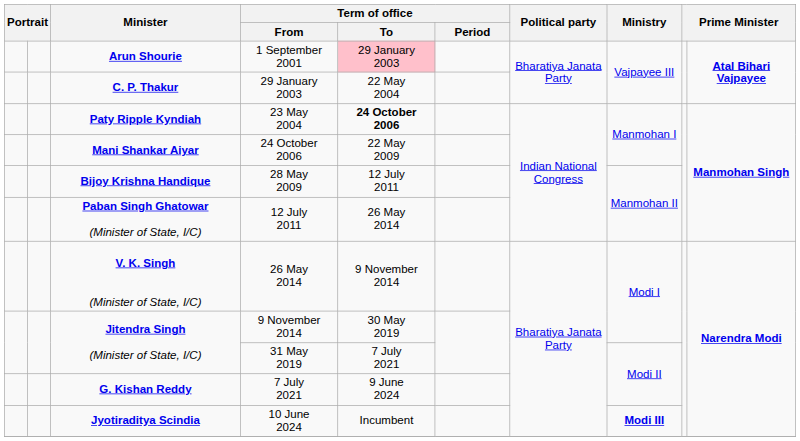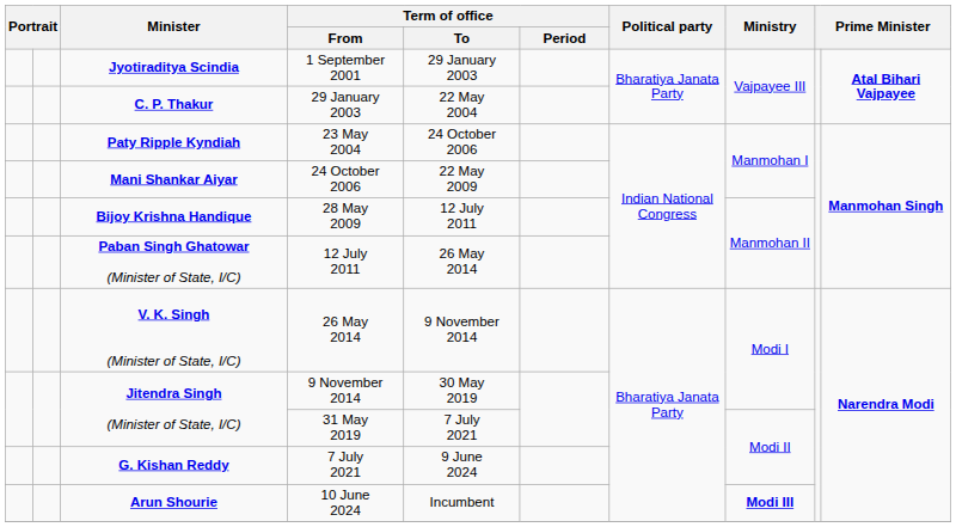 <table class="wikitable" style="text-align:center">
 <tr>
 <th rowspan="2" colspan="2">Portrait</th>
 <th rowspan="2" style="width:16em">Minister<br></th>
 <th colspan="3">Term of office</th>
 <th rowspan="2" style="width:8em">Political party</th>
 <th rowspan="2" style="width:6em">Ministry</th>
 <th rowspan="2" colspan="2">Prime Minister</th>
 </tr>
 <tr>
 <th style="width:8em">From</th>
 <th style="width:8em">To</th>
 <th style="width:6em">Period</th>
 </tr>
 <tr>
 <td></td>
 <td></td>
-<td><strong><a href='#'>Arun Shourie</a></strong><br></td>
+<td><strong><a href='#'>Jyotiraditya Scindia</a></strong><br></td>
 <td>1 September<br>2001</td>
-<td style="background: pink;">29 January<br>2003</td>
+<td>29 January<br>2003</td>
 <td><strong></strong></td>
 <td rowspan="2"><a href='#'>Bharatiya Janata Party</a></td>
 <td rowspan="2"><a href='#'>Vajpayee III</a></td>
 <td rowspan="2"></td>
 <td rowspan="2"><strong><a href='#'>Atal Bihari Vajpayee</a></strong></td>
 </tr>
 <tr>
 <td></td>
 <td></td>
 <td><strong><a href='#'>C. P. Thakur</a></strong><br></td>
 <td>29 January<br>2003</td>
 <td>22 May<br>2004</td>
 <td><strong></strong></td>
 </tr>
 <tr>
 <td></td>
 <td></td>
 <td><strong><a href='#'>Paty Ripple Kyndiah</a></strong><br></td>
 <td>23 May<br>2004</td>
-<td><strong>24 October<br>2006</strong></td>
+<td>24 October<br>2006</td>
 <td><strong></strong></td>
 <td rowspan="4"><a href='#'>Indian National Congress</a></td>
 <td rowspan="2"><a href='#'>Manmohan I</a></td>
 <td rowspan="4"></td>
 <td rowspan="4"><strong><a href='#'>Manmohan Singh</a></strong></td>
 </tr>
 <tr>
 <td></td>
 <td></td>
 <td><strong><a href='#'>Mani Shankar Aiyar</a></strong><br></td>
 <td>24 October<br>2006</td>
 <td>22 May<br>2009</td>
 <td><strong></strong></td>
 </tr>
 <tr>
 <td></td>
 <td></td>
 <td><strong><a href='#'>Bijoy Krishna Handique</a></strong><br></td>
 <td>28 May<br>2009</td>
 <td>12 July<br>2011</td>
 <td><strong></strong></td>
 <td rowspan="2"><a href='#'>Manmohan II</a></td>
 </tr>
 <tr>
 <td></td>
 <td></td>
 <td><strong><a href='#'>Paban Singh Ghatowar</a></strong><br><br><em>(Minister of State, I/C)</em></td>
 <td>12 July<br>2011</td>
 <td>26 May<br>2014</td>
 <td><strong></strong></td>
 </tr>
 <tr>
 <td></td>
 <td></td>
 <td><br><strong><a href='#'>V. K. Singh</a></strong> <br><br><br><em>(Minister of State, I/C)</em></td>
 <td>26 May<br>2014</td>
 <td>9 November<br>2014</td>
 <td><strong></strong></td>
 <td rowspan="5"><a href='#'>Bharatiya Janata Party</a></td>
 <td rowspan="2"><a href='#'>Modi I</a></td>
 <td rowspan="5"></td>
 <td rowspan="5" style="width:9em"><strong><a href='#'>Narendra Modi</a></strong></td>
 </tr>
 <tr>
 <td rowspan="2"></td>
 <td rowspan="2"></td>
 <td rowspan="2"><a href='#'><strong>Jitendra Singh</strong></a><br><br><em>(Minister of State, I/C)</em></td>
 <td>9 November<br>2014</td>
 <td>30 May<br>2019</td>
 <td rowspan="2"><strong></strong></td>
 </tr>
 <tr>
 <td>31 May<br>2019</td>
 <td>7 July<br>2021</td>
 <td rowspan="2"><a href='#'>Modi II</a></td>
 </tr>
 <tr>
 <td></td>
 <td></td>
 <td><strong><a href='#'>G. Kishan Reddy</a></strong><br></td>
 <td>7 July<br>2021</td>
 <td>9 June<br>2024</td>
 <td><strong></strong></td>
 </tr>
 <tr>
 <td></td>
 <td></td>
-<td><strong><a href='#'>Jyotiraditya Scindia</a></strong><br></td>
+<td><strong><a href='#'>Arun Shourie</a></strong><br></td>
 <td>10 June<br>2024</td>
 <td>Incumbent</td>
 <td><strong></strong></td>
 <td><strong><a href='#'>Modi III</a></strong></td>
 </tr>
 <tr>
 </tr>
 </table>
